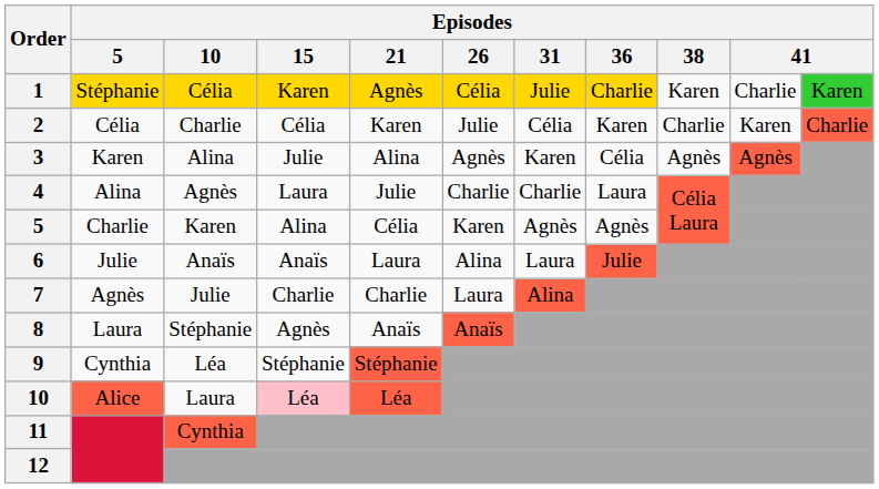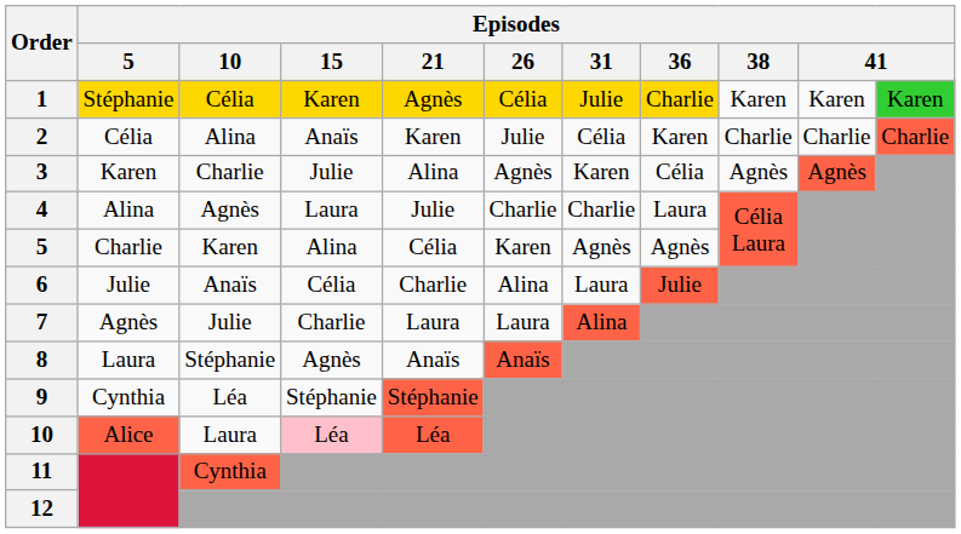 <table class="wikitable" style="text-align:center; font-size:92%">
 <tr>
 <th rowspan=2>Order</th>
 <th colspan=10>Episodes</th>
 </tr>
 <tr>
 <th>5</th>
 <th>10</th>
 <th>15</th>
 <th>21</th>
 <th>26</th>
 <th>31</th>
 <th>36</th>
 <th>38</th>
 <th colspan="2">41</th>
 </tr>
 <tr>
 <th>1</th>
 <td bgcolor=gold>Stéphanie</td>
 <td bgcolor=gold>Célia</td>
 <td bgcolor=gold>Karen</td>
 <td bgcolor=gold>Agnès</td>
 <td bgcolor=gold>Célia</td>
 <td bgcolor=gold>Julie</td>
 <td bgcolor=gold>Charlie</td>
 <td>Karen</td>
-<td>Charlie</td>
+<td>Karen</td>
 <td bgcolor="limegreen">Karen</td>
 </tr>
 <tr>
 <th>2</th>
 <td>Célia</td>
-<td>Charlie</td>
-<td>Célia</td>
+<td>Alina</td>
+<td>Anaïs</td>
 <td>Karen</td>
 <td>Julie</td>
 <td>Célia</td>
 <td>Karen</td>
 <td>Charlie</td>
-<td>Karen</td>
+<td>Charlie</td>
 <td bgcolor="tomato">Charlie</td>
 </tr>
 <tr>
 <th>3</th>
 <td>Karen</td>
-<td>Alina</td>
+<td>Charlie</td>
 <td>Julie</td>
 <td>Alina</td>
 <td>Agnès</td>
 <td>Karen</td>
 <td>Célia</td>
 <td>Agnès</td>
 <td bgcolor="tomato">Agnès</td>
 <td bgcolor=darkgray></td>
 </tr>
 <tr>
 <th>4</th>
 <td>Alina</td>
 <td>Agnès</td>
 <td>Laura</td>
 <td>Julie</td>
 <td>Charlie</td>
 <td>Charlie</td>
 <td>Laura</td>
 <td rowspan="2" bgcolor="tomato">Célia<br>Laura</td>
 <td bgcolor=darkgray colspan=2></td>
 </tr>
 <tr>
 <th>5</th>
 <td>Charlie</td>
 <td>Karen</td>
 <td>Alina</td>
 <td>Célia</td>
 <td>Karen</td>
 <td>Agnès</td>
 <td>Agnès</td>
 <td colspan="2" bgcolor="darkgray"></td>
 </tr>
 <tr>
 <th>6</th>
 <td>Julie</td>
 <td>Anaïs</td>
-<td>Anaïs</td>
-<td>Laura</td>
+<td>Célia</td>
+<td>Charlie</td>
 <td>Alina</td>
 <td>Laura</td>
 <td bgcolor="tomato">Julie</td>
 <td bgcolor="darkgray" colspan="3"></td>
 </tr>
 <tr>
 <th>7</th>
 <td>Agnès</td>
 <td>Julie</td>
 <td>Charlie</td>
-<td>Charlie</td>
+<td>Laura</td>
 <td>Laura</td>
 <td bgcolor="tomato">Alina</td>
 <td bgcolor="darkgray" colspan="4"></td>
 </tr>
 <tr>
 <th>8</th>
 <td>Laura</td>
 <td>Stéphanie</td>
 <td>Agnès</td>
 <td>Anaïs</td>
 <td bgcolor="tomato">Anaïs</td>
 <td bgcolor="darkgray" colspan="5"></td>
 </tr>
 <tr>
 <th>9</th>
 <td>Cynthia</td>
 <td>Léa</td>
 <td>Stéphanie</td>
 <td bgcolor="tomato">Stéphanie</td>
 <td bgcolor="darkgray" colspan="6"></td>
 </tr>
 <tr>
 <th>10</th>
 <td bgcolor="tomato">Alice</td>
 <td>Laura</td>
 <td bgcolor="pink">Léa</td>
 <td bgcolor="tomato">Léa</td>
 <td bgcolor="darkgray" colspan="6"></td>
 </tr>
 <tr>
 <th>11</th>
 <td rowspan=2 bgcolor=crimson><br></td>
 <td bgcolor="tomato">Cynthia</td>
 <td bgcolor="darkgray" colspan="8"></td>
 </tr>
 <tr>
 <th>12</th>
 <td bgcolor="darkgray" colspan="9"></td>
 </tr>
 </table>
